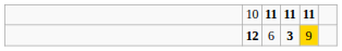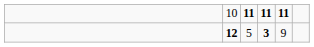 <table class="wikitable">
 <tr>
 <td style="width:18em"><strong></strong></td>
 <td align=center style="width:1em">10</td>
 <td align=center style="width:1em"><strong>11</strong></td>
 <td align=center style="width:1em"><strong>11</strong></td>
 <td align=center style="width:1em"><strong>11</strong></td>
 <td align=center style="width:1em"></td>
 </tr>
 <tr>
 <td style="width:18em"></td>
 <td align=center style="width:1em"><strong>12</strong></td>
-<td align=center style="width:1em">6</td>
+<td align=center style="width:1em">5</td>
 <td align=center style="width:1em"><strong>3</strong></td>
-<td align=center style="background: gold; width:1em">9</td>
+<td align=center style="width:1em">9</td>
 <td align=center style="width:1em"></td>
 </tr>
 </table>
